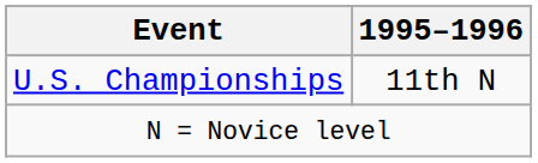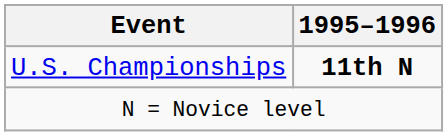 <table class="wikitable" style="text-align:center">
 <tr>
 <th>Event</th>
 <th>1995–1996</th>
 </tr>
 <tr>
 <td align=left><a href='#'>U.S. Championships</a></td>
-<td>11th N</td>
+<td><strong>11th N</strong></td>
 </tr>
 <tr>
 <td colspan=2 align=center><small> N = Novice level </small></td>
 </tr>
 </table>
